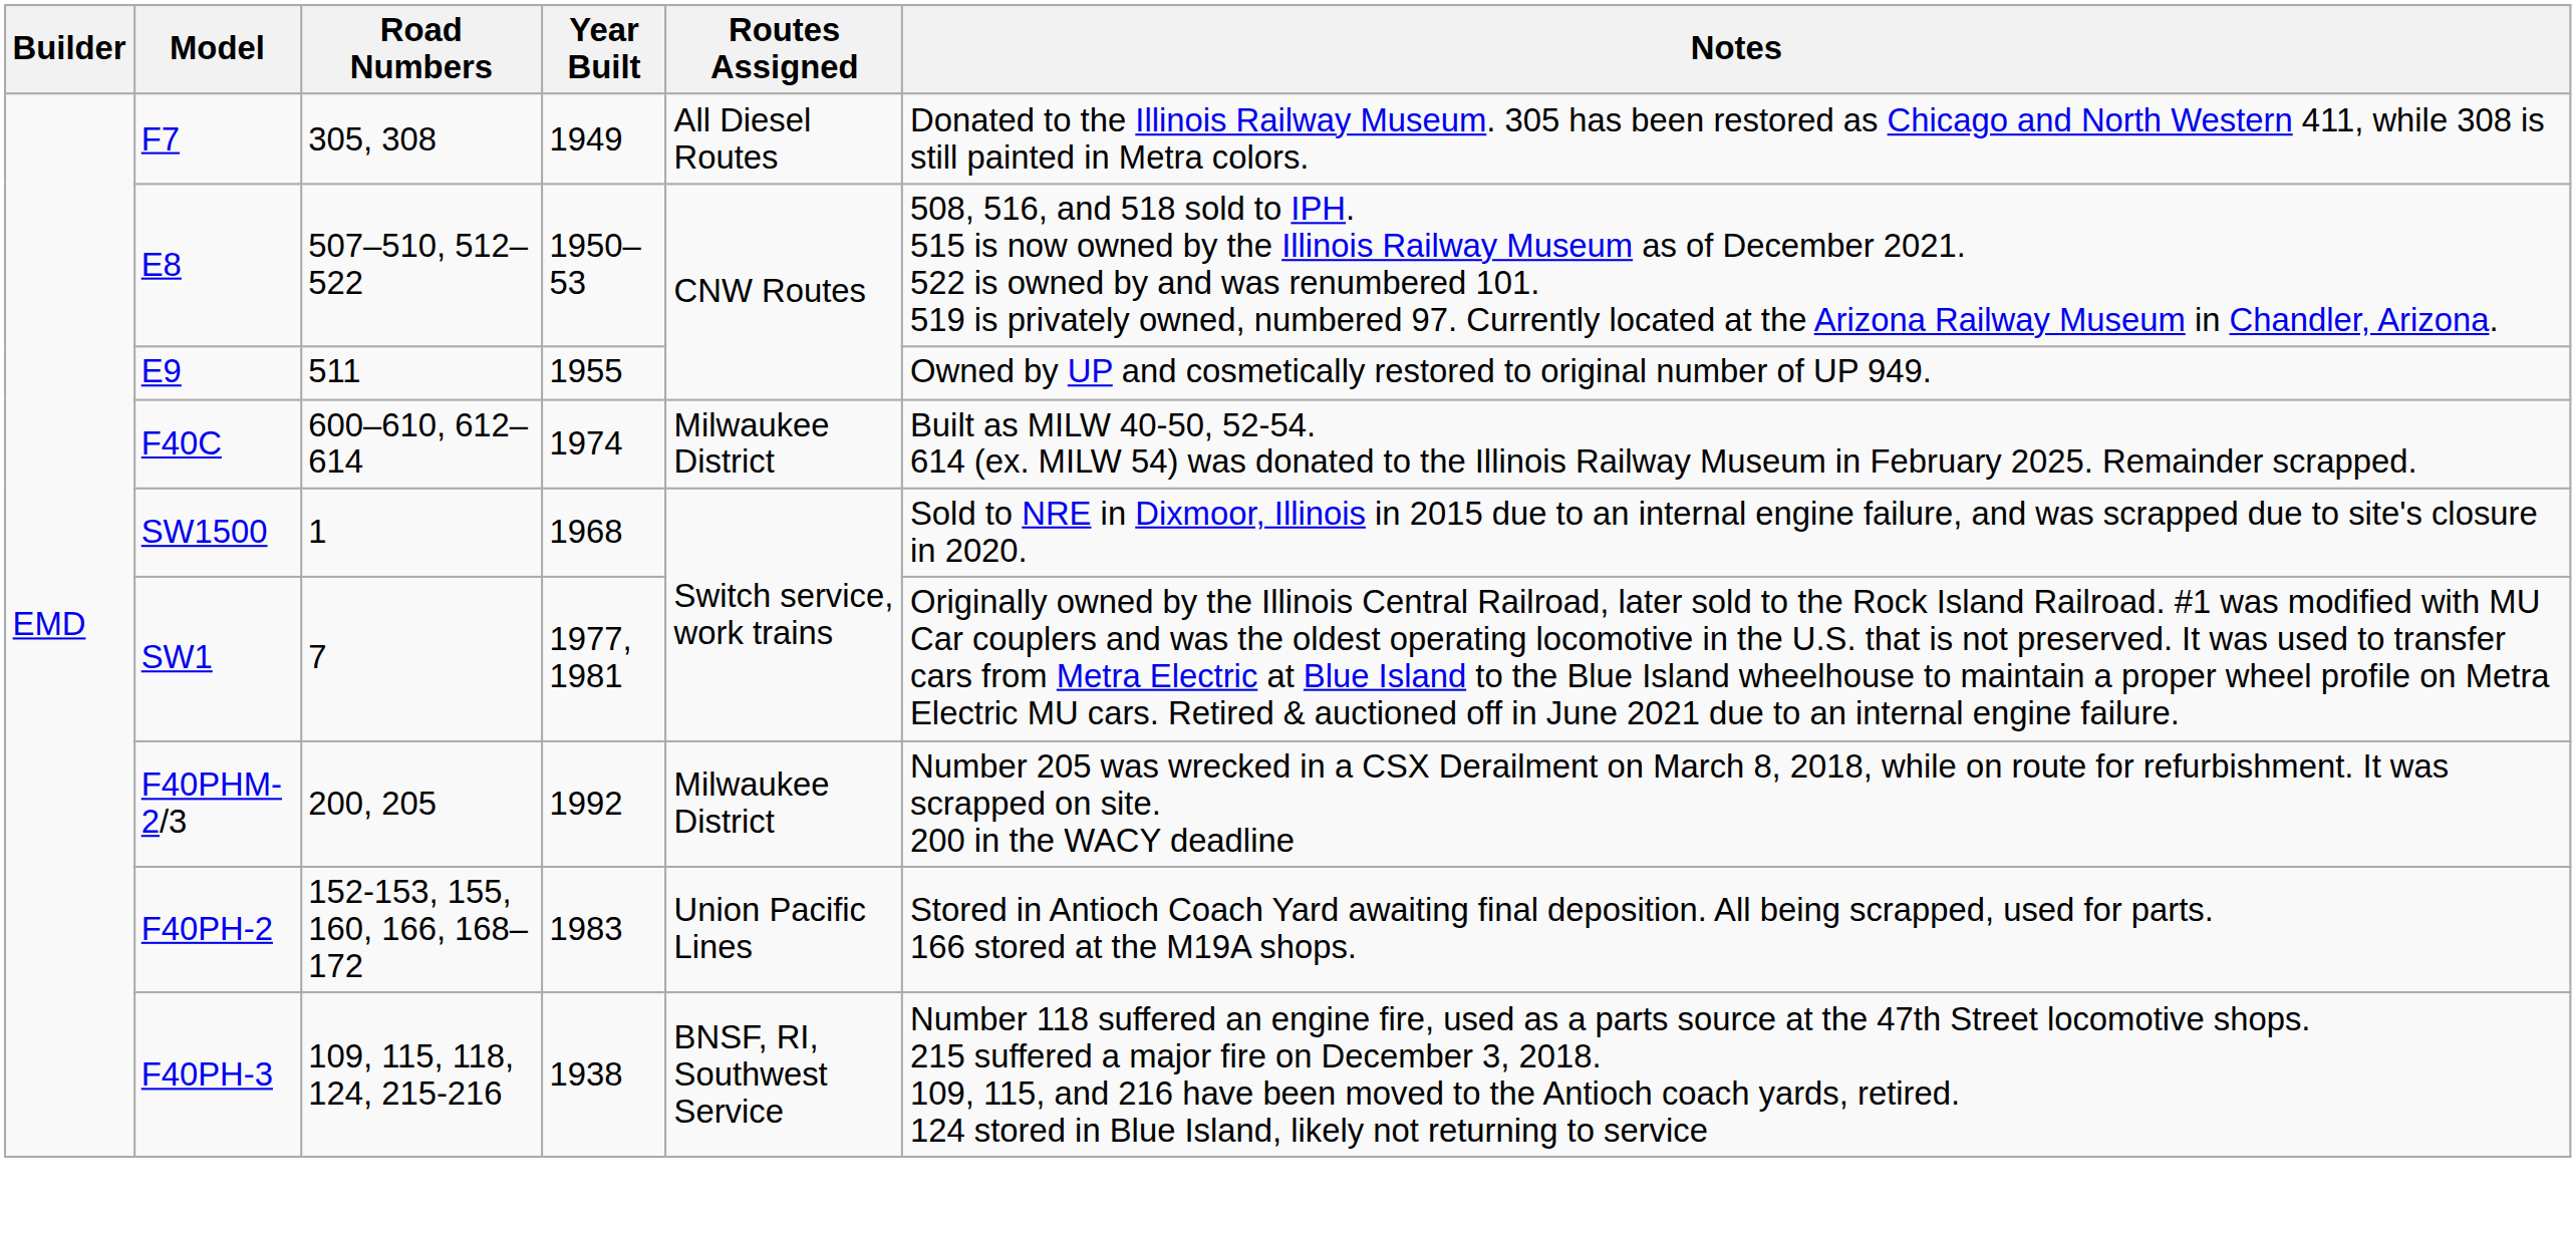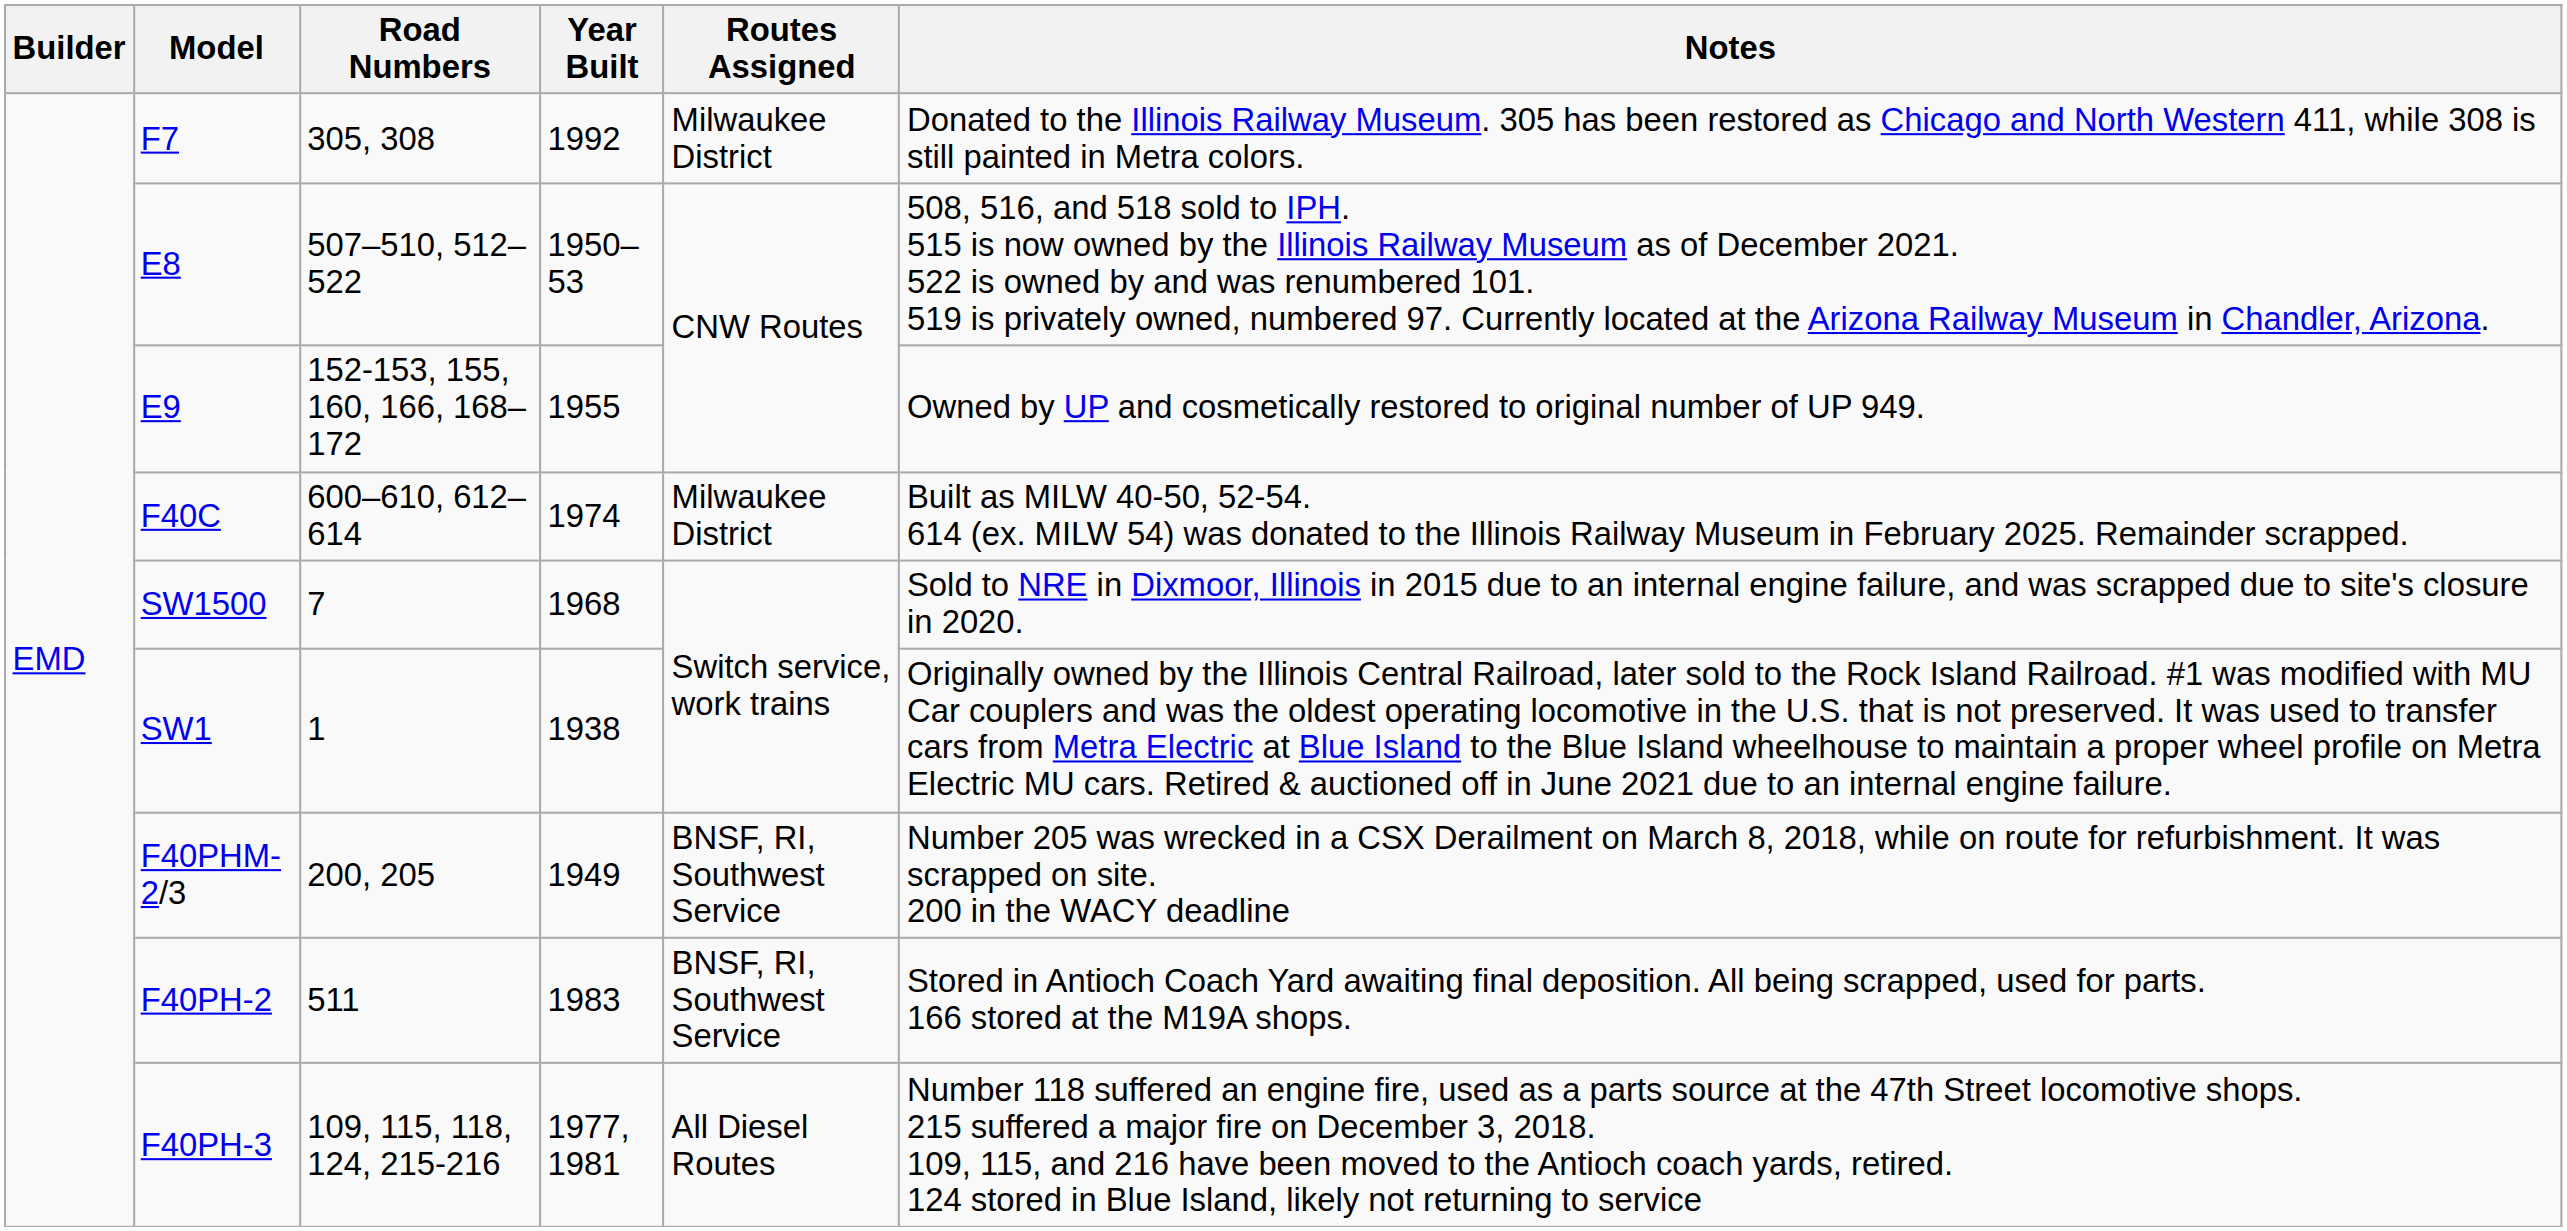 <table class="wikitable sortable">
 <tr>
 <th>Builder</th>
 <th>Model</th>
 <th>Road Numbers</th>
 <th>Year<br>Built</th>
 <th>Routes Assigned</th>
 <th>Notes</th>
 </tr>
 <tr>
 <td rowspan="9”"><a href='#'>EMD</a></td>
 <td><a href='#'>F7</a></td>
 <td>305, 308</td>
-<td>1949</td>
-<td>All Diesel Routes</td>
+<td>1992</td>
+<td>Milwaukee District</td>
 <td>Donated to the <a href='#'>Illinois Railway Museum</a>. 305 has been restored as <a href='#'>Chicago and North Western</a> 411, while 308 is still painted in Metra colors.</td>
 </tr>
 <tr>
 <td><a href='#'>E8</a></td>
 <td>507–510, 512–522</td>
 <td>1950–53</td>
 <td rowspan="2">CNW Routes</td>
 <td>508, 516, and 518 sold to <a href='#'>IPH</a>.<br>515 is now owned by the <a href='#'>Illinois Railway Museum</a> as of December 2021.<br>522 is owned by  and was renumbered 101.<br>519 is privately owned, numbered  97. Currently located at the <a href='#'>Arizona Railway Museum</a> in <a href='#'>Chandler, Arizona</a>.</td>
 </tr>
 <tr>
 <td><a href='#'>E9</a></td>
-<td>511</td>
+<td>152-153, 155, 160, 166, 168–172</td>
 <td>1955</td>
 <td>Owned by <a href='#'>UP</a> and cosmetically restored to original number of UP 949.</td>
 </tr>
 <tr>
 <td><a href='#'>F40C</a></td>
 <td>600–610, 612–614</td>
 <td>1974</td>
 <td>Milwaukee District</td>
 <td>Built as MILW 40-50, 52-54.<br>614 (ex. MILW 54) was donated to the Illinois Railway Museum in February 2025. Remainder scrapped.</td>
 </tr>
 <tr>
 <td><a href='#'>SW1500</a></td>
-<td>1</td>
+<td>7</td>
 <td>1968</td>
 <td rowspan="2">Switch service, work trains</td>
 <td>Sold to <a href='#'>NRE</a> in <a href='#'>Dixmoor, Illinois</a> in 2015 due to an internal engine failure, and was scrapped due to site's closure in 2020.</td>
 </tr>
 <tr>
 <td><a href='#'>SW1</a></td>
-<td>7</td>
-<td>1977, 1981</td>
+<td>1</td>
+<td>1938</td>
 <td>Originally owned by the Illinois Central Railroad, later sold to the Rock Island Railroad. #1 was modified with MU Car couplers and was the oldest operating locomotive in the U.S. that is not preserved. It was used to transfer cars from <a href='#'>Metra Electric</a> at <a href='#'>Blue Island</a> to the Blue Island wheelhouse to maintain a proper wheel profile on Metra Electric MU cars. Retired & auctioned off in June 2021 due to an internal engine failure.</td>
 </tr>
 <tr>
 <td><a href='#'>F40PHM-2</a>/3</td>
 <td>200, 205</td>
-<td>1992</td>
-<td>Milwaukee District</td>
+<td>1949</td>
+<td>BNSF, RI, Southwest Service</td>
 <td>Number 205 was wrecked in a CSX Derailment on March 8, 2018, while on route for refurbishment. It was scrapped on site.<br>200 in the WACY deadline</td>
 </tr>
 <tr>
 <td><a href='#'>F40PH-2</a></td>
-<td>152-153, 155, 160, 166, 168–172</td>
+<td>511</td>
 <td>1983</td>
-<td>Union Pacific Lines</td>
+<td>BNSF, RI, Southwest Service</td>
 <td>Stored in Antioch Coach Yard awaiting final deposition. All being scrapped, used for parts.<br>166 stored at the M19A shops.</td>
 </tr>
 <tr>
 <td><a href='#'>F40PH-3</a></td>
 <td>109, 115, 118, 124, 215-216</td>
-<td>1938</td>
-<td>BNSF, RI, Southwest Service</td>
+<td>1977, 1981</td>
+<td>All Diesel Routes</td>
 <td>Number 118 suffered an engine fire, used as a parts source at the 47th Street locomotive shops.<br>215 suffered a major fire on December 3, 2018.<br>109, 115, and 216 have been moved to the Antioch coach yards, retired.<br>124 stored in Blue Island, likely not returning to service</td>
 </tr>
 </table>
